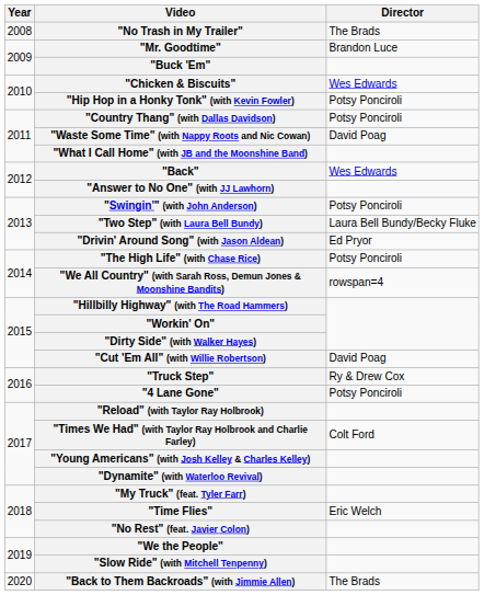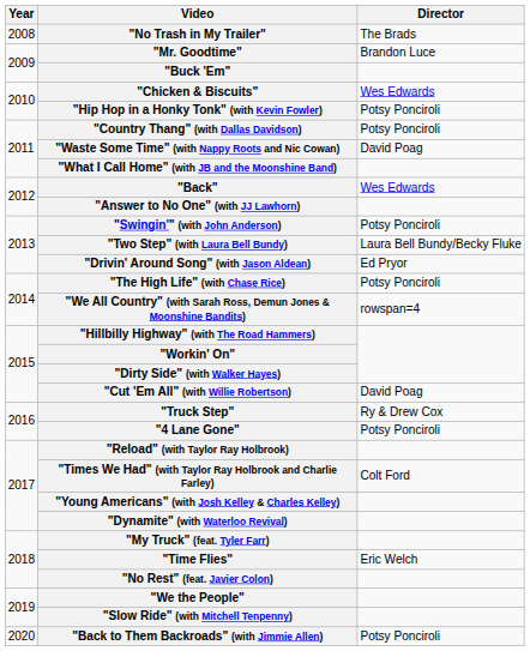 <table class="wikitable plainrowheaders">
 <tr>
 <th>Year</th>
 <th style="width:26em;">Video</th>
 <th>Director</th>
 </tr>
 <tr>
 <td>2008</td>
 <th scope="row">"No Trash in My Trailer"</th>
 <td>The Brads</td>
 </tr>
 <tr>
 <td rowspan="2">2009</td>
 <th scope="row">"Mr. Goodtime"</th>
 <td>Brandon Luce</td>
 </tr>
 <tr>
 <th scope="row">"Buck 'Em"</th>
 <td></td>
 </tr>
 <tr>
 <td rowspan="2">2010</td>
 <th scope="row">"Chicken & Biscuits"</th>
 <td><a href='#'>Wes Edwards</a></td>
 </tr>
 <tr>
 <th scope="row">"Hip Hop in a Honky Tonk" <small>(with <a href='#'>Kevin Fowler</a>)</small></th>
 <td>Potsy Ponciroli</td>
 </tr>
 <tr>
 <td rowspan="3">2011</td>
 <th scope="row">"Country Thang" <small>(with <a href='#'>Dallas Davidson</a>)</small></th>
 <td>Potsy Ponciroli</td>
 </tr>
 <tr>
 <th scope="row">"Waste Some Time" <small>(with <a href='#'>Nappy Roots</a> and Nic Cowan)</small></th>
 <td>David Poag</td>
 </tr>
 <tr>
 <th scope="row">"What I Call Home" <small>(with <a href='#'>JB and the Moonshine Band</a>)</small></th>
 <td></td>
 </tr>
 <tr>
 <td rowspan="2">2012</td>
 <th scope="row">"Back"</th>
 <td><a href='#'>Wes Edwards</a></td>
 </tr>
 <tr>
 <th scope="row">"Answer to No One" <small>(with <a href='#'>JJ Lawhorn</a>)</small></th>
 <td></td>
 </tr>
 <tr>
 <td rowspan="3">2013</td>
 <th scope="row">"<a href='#'>Swingin'</a>" <small>(with <a href='#'>John Anderson</a>)</small></th>
 <td>Potsy Ponciroli</td>
 </tr>
 <tr>
 <th scope="row">"Two Step" <small>(with <a href='#'>Laura Bell Bundy</a>)</small></th>
 <td>Laura Bell Bundy/Becky Fluke</td>
 </tr>
 <tr>
 <th scope="row">"Drivin' Around Song" <small>(with <a href='#'>Jason Aldean</a>)</small></th>
 <td>Ed Pryor</td>
 </tr>
 <tr>
 <td rowspan="2">2014</td>
 <th scope="row">"The High Life" <small>(with <a href='#'>Chase Rice</a>)</small></th>
 <td>Potsy Ponciroli</td>
 </tr>
 <tr>
 <th scope="row">"We All Country" <small>(with Sarah Ross, Demun Jones & <a href='#'>Moonshine Bandits</a>)</small></th>
 <td>rowspan=4</td>
 </tr>
 <tr>
 <td rowspan="4">2015</td>
 <th scope="row">"Hillbilly Highway" <small>(with <a href='#'>The Road Hammers</a>)</small></th>
 </tr>
 <tr>
 <th scope="row">"Workin' On"</th>
 </tr>
 <tr>
 <th scope="row">"Dirty Side" <small>(with <a href='#'>Walker Hayes</a>)</small></th>
 </tr>
 <tr>
 <th scope="row">"Cut 'Em All" <small>(with <a href='#'>Willie Robertson</a>)</small></th>
 <td>David Poag</td>
 </tr>
 <tr>
 <td rowspan="2">2016</td>
 <th scope="row">"Truck Step"</th>
 <td>Ry & Drew Cox</td>
 </tr>
 <tr>
 <th scope="row">"4 Lane Gone"</th>
 <td>Potsy Ponciroli</td>
 </tr>
 <tr>
 <td rowspan="4">2017</td>
 <th scope="row">"Reload" <small>(with Taylor Ray Holbrook)</small></th>
 <td></td>
 </tr>
 <tr>
 <th scope="row">"Times We Had" <small>(with Taylor Ray Holbrook and Charlie Farley)</small></th>
 <td>Colt Ford</td>
 </tr>
 <tr>
 <th scope="row">"Young Americans" <small>(with <a href='#'>Josh Kelley</a> & <a href='#'>Charles Kelley</a>)</small></th>
 <td></td>
 </tr>
 <tr>
 <th scope="row">"Dynamite" <small>(with <a href='#'>Waterloo Revival</a>)</small></th>
 <td></td>
 </tr>
 <tr>
 <td rowspan="3">2018</td>
 <th scope="row">"My Truck" <small>(feat. <a href='#'>Tyler Farr</a>)</small></th>
 <td></td>
 </tr>
 <tr>
 <th scope="row">"Time Flies" </th>
 <td>Eric Welch</td>
 </tr>
 <tr>
 <th scope="row">"No Rest" <small>(feat. <a href='#'>Javier Colon</a>)</small></th>
 <td></td>
 </tr>
 <tr>
 <td rowspan="2">2019</td>
 <th scope="row">"We the People" </th>
 <td></td>
 </tr>
 <tr>
 <th scope="row">"Slow Ride" <small>(with <a href='#'>Mitchell Tenpenny</a>)</small></th>
 <td></td>
 </tr>
 <tr>
 <td>2020</td>
 <th scope="row">"Back to Them Backroads" <small>(with <a href='#'>Jimmie Allen</a>)</small></th>
-<td>The Brads</td>
+<td>Potsy Ponciroli</td>
 </tr>
 </table>
